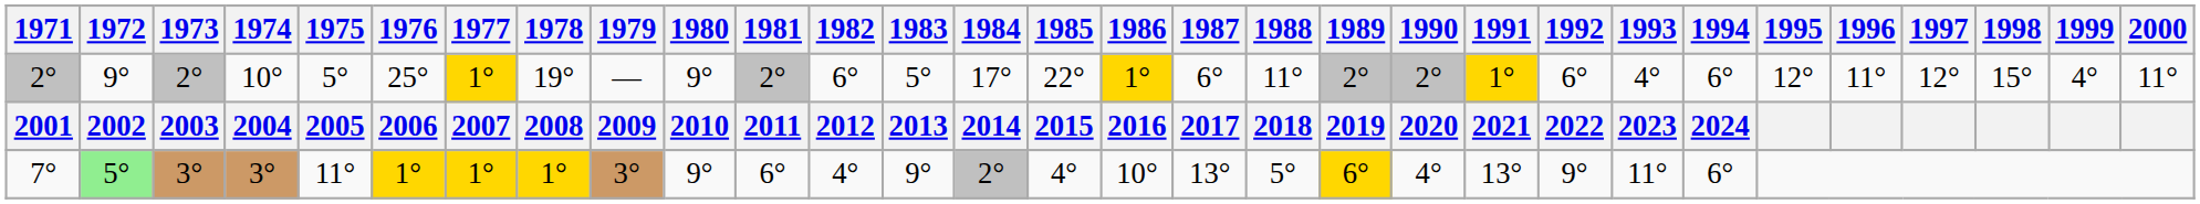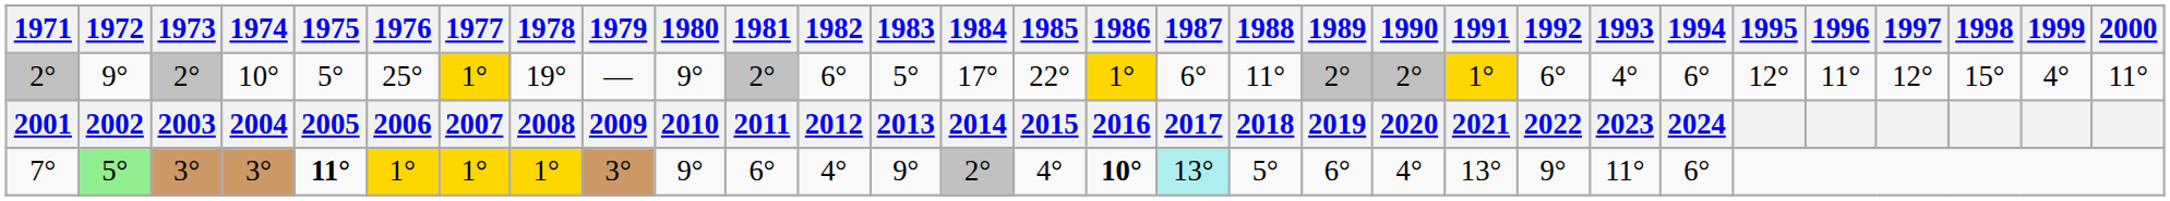 <table class="wikitable" style="margin:0.5em ; font-size:80%">
 <tr>
 <th><a href='#'>1971</a></th>
 <th><a href='#'>1972</a></th>
 <th><a href='#'>1973</a></th>
 <th><a href='#'>1974</a></th>
 <th><a href='#'>1975</a></th>
 <th><a href='#'>1976</a></th>
 <th><a href='#'>1977</a></th>
 <th><a href='#'>1978</a></th>
 <th><a href='#'>1979</a></th>
 <th><a href='#'>1980</a></th>
 <th><a href='#'>1981</a></th>
 <th><a href='#'>1982</a></th>
 <th><a href='#'>1983</a></th>
 <th><a href='#'>1984</a></th>
 <th><a href='#'>1985</a></th>
 <th><a href='#'>1986</a></th>
 <th><a href='#'>1987</a></th>
 <th><a href='#'>1988</a></th>
 <th><a href='#'>1989</a></th>
 <th><a href='#'>1990</a></th>
 <th><a href='#'>1991</a></th>
 <th><a href='#'>1992</a></th>
 <th><a href='#'>1993</a></th>
 <th><a href='#'>1994</a></th>
 <th><a href='#'>1995</a></th>
 <th><a href='#'>1996</a></th>
 <th><a href='#'>1997</a></th>
 <th><a href='#'>1998</a></th>
 <th><a href='#'>1999</a></th>
 <th><a href='#'>2000</a></th>
 </tr>
 <tr>
 <td align=center style="background:silver;">2°</td>
 <td align=center>9°</td>
 <td align=center style="background:silver;">2°</td>
 <td align=center>10°</td>
 <td align=center>5°</td>
 <td align=center>25°</td>
 <td align=center style="background:gold;">1°</td>
 <td align=center>19°</td>
 <td align=center>—</td>
 <td align=center>9°</td>
 <td align=center style="background:silver;">2°</td>
 <td align=center>6°</td>
 <td align=center>5°</td>
 <td align=center>17°</td>
 <td align=center>22°</td>
 <td align=center style="background:gold;">1°</td>
 <td align=center>6°</td>
 <td align=center>11°</td>
 <td align=center style="background:silver;">2°</td>
 <td align=center style="background:silver;">2°</td>
 <td align=center style="background:gold;">1°</td>
 <td align=center>6°</td>
 <td align=center>4°</td>
 <td align=center>6°</td>
 <td align=center>12°</td>
 <td align=center>11°</td>
 <td align=center>12°</td>
 <td align=center>15°</td>
 <td align=center>4°</td>
 <td align=center>11°</td>
 </tr>
 <tr>
 <th><a href='#'>2001</a></th>
 <th><a href='#'>2002</a></th>
 <th><a href='#'>2003</a></th>
 <th><a href='#'>2004</a></th>
 <th><a href='#'>2005</a></th>
 <th><a href='#'>2006</a></th>
 <th><a href='#'>2007</a></th>
 <th><a href='#'>2008</a></th>
 <th><a href='#'>2009</a></th>
 <th><a href='#'>2010</a></th>
 <th><a href='#'>2011</a></th>
 <th><a href='#'>2012</a></th>
 <th><a href='#'>2013</a></th>
 <th><a href='#'>2014</a></th>
 <th><a href='#'>2015</a></th>
 <th><a href='#'>2016</a></th>
 <th><a href='#'>2017</a></th>
 <th><a href='#'>2018</a></th>
 <th><a href='#'>2019</a></th>
 <th><a href='#'>2020</a></th>
 <th><a href='#'>2021</a></th>
 <th><a href='#'>2022</a></th>
 <th><a href='#'>2023</a></th>
 <th><a href='#'>2024</a></th>
 <th></th>
 <th></th>
 <th></th>
 <th></th>
 <th></th>
 <th></th>
 </tr>
 <tr>
 <td align=center>7°</td>
 <td align=center style="background: lightgreen;">5°</td>
 <td align=center style="background:#c96;">3°</td>
 <td align=center style="background:#c96;">3°</td>
-<td align=center>11°</td>
+<td align=center><strong>11°</strong></td>
 <td align=center style="background:gold;">1°</td>
 <td align=center style="background:gold;">1°</td>
 <td align=center style="background:gold;">1°</td>
 <td align=center style="background:#c96;">3°</td>
 <td align=center>9°</td>
 <td align=center>6°</td>
 <td align=center>4°</td>
 <td align=center>9°</td>
 <td align=center style="background:silver;">2°</td>
 <td align=center>4°</td>
-<td align=center>10°</td>
-<td align=center>13°</td>
+<td align=center><strong>10°</strong></td>
+<td align=center style="background: paleturquoise;">13°</td>
 <td align=center>5°</td>
-<td align=center style="background: gold;">6°</td>
+<td align=center>6°</td>
 <td align=center>4°</td>
 <td align=center>13°</td>
 <td align=center>9°</td>
 <td align=center>11°</td>
 <td align=center>6°</td>
 </tr>
 </table>
